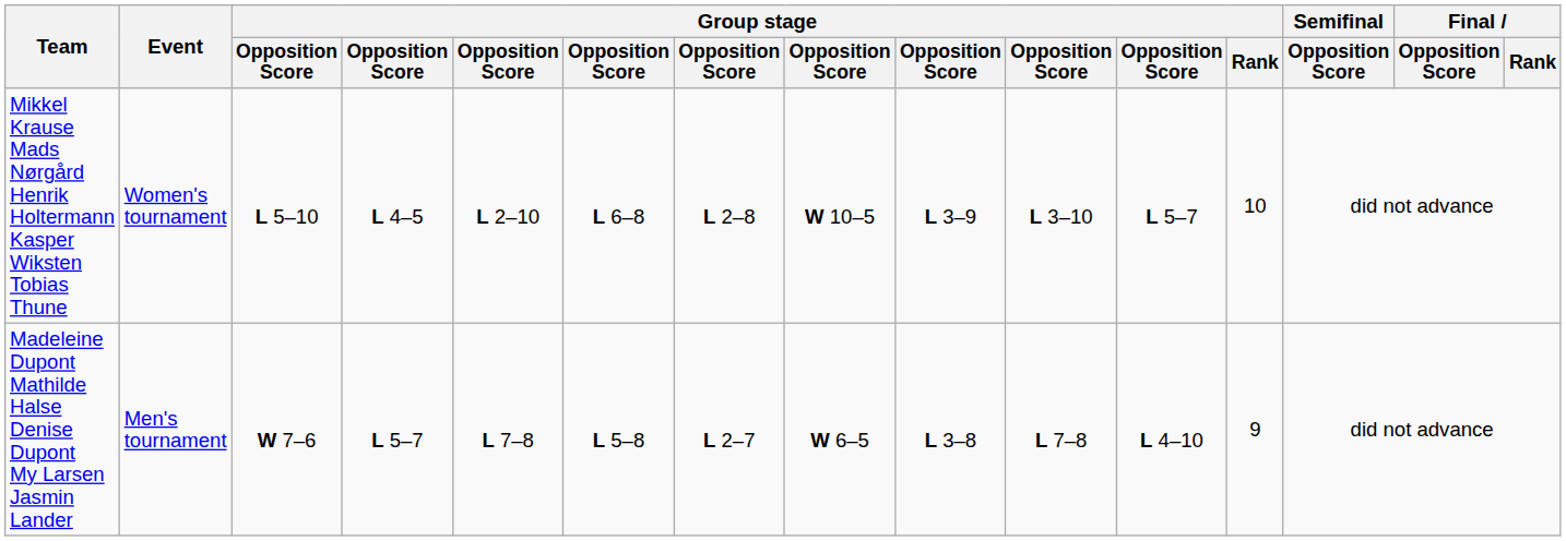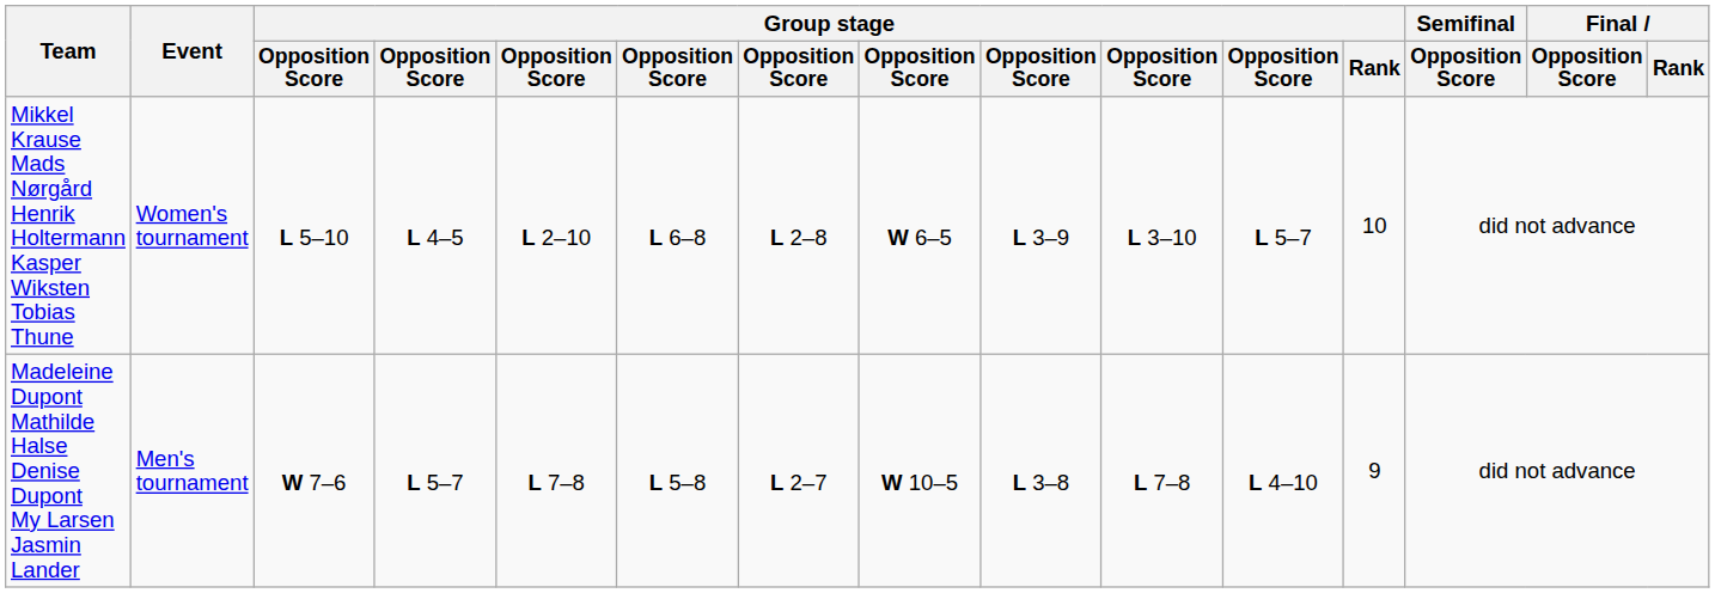 <table class=wikitable style=font-size:90%;text-align:center>
 <tr>
 <th rowspan=2>Team</th>
 <th rowspan=2>Event</th>
 <th colspan=10>Group stage</th>
 <th>Semifinal</th>
 <th colspan=2>Final / </th>
 </tr>
 <tr style="font-size:95%">
 <th>Opposition<br>Score</th>
 <th>Opposition<br>Score</th>
 <th>Opposition<br>Score</th>
 <th>Opposition<br>Score</th>
 <th>Opposition<br>Score</th>
 <th>Opposition<br>Score</th>
 <th>Opposition<br>Score</th>
 <th>Opposition<br>Score</th>
 <th>Opposition<br>Score</th>
 <th>Rank</th>
 <th>Opposition<br>Score</th>
 <th>Opposition<br>Score</th>
 <th>Rank</th>
 </tr>
 <tr>
 <td align=left><a href='#'>Mikkel Krause</a><br><a href='#'>Mads Nørgård</a><br><a href='#'>Henrik Holtermann</a><br><a href='#'>Kasper Wiksten</a><br><a href='#'>Tobias Thune</a></td>
 <td align=left><a href='#'>Women's tournament</a></td>
 <td><br><strong>L</strong> 5–10</td>
 <td><br><strong>L</strong> 4–5</td>
 <td><br><strong>L</strong> 2–10</td>
 <td><br><strong>L</strong> 6–8</td>
 <td><br><strong>L</strong> 2–8</td>
-<td><br><strong>W</strong> 10–5</td>
+<td><br><strong>W</strong> 6–5</td>
 <td><br><strong>L</strong> 3–9</td>
 <td><br><strong>L</strong> 3–10</td>
 <td><br><strong>L</strong> 5–7</td>
 <td>10</td>
 <td colspan="3">did not advance</td>
 </tr>
 <tr>
 <td align=left><a href='#'>Madeleine Dupont</a><br><a href='#'>Mathilde Halse</a><br><a href='#'>Denise Dupont</a><br><a href='#'>My Larsen</a><br><a href='#'>Jasmin Lander</a></td>
 <td align=left><a href='#'>Men's tournament</a></td>
 <td><br><strong>W</strong> 7–6</td>
 <td><br><strong>L</strong> 5–7</td>
 <td><br><strong>L</strong> 7–8</td>
 <td><br><strong>L</strong> 5–8</td>
 <td><br><strong>L</strong> 2–7</td>
-<td><br><strong>W</strong> 6–5</td>
+<td><br><strong>W</strong> 10–5</td>
 <td><br><strong>L</strong> 3–8</td>
 <td><br><strong>L</strong> 7–8</td>
 <td><br><strong>L</strong> 4–10</td>
 <td>9</td>
 <td colspan="3">did not advance</td>
 </tr>
 </table>
